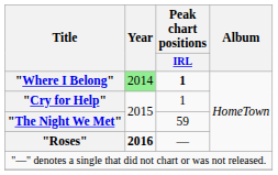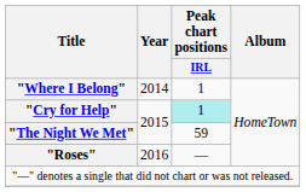 <table class="wikitable plainrowheaders" style="text-align:center;">
 <tr>
 <th rowspan="2">Title</th>
 <th rowspan="2">Year</th>
 <th>Peak chart positions</th>
 <th rowspan="2">Album</th>
 </tr>
 <tr>
 <th scope="col" style="width:3em;font-size:85%;"><a href='#'>IRL</a><br></th>
 </tr>
 <tr>
 <th scope="row">"<a href='#'>Where I Belong</a>"</th>
-<td style="background: lightgreen;">2014</td>
-<td><strong>1</strong></td>
+<td>2014</td>
+<td>1</td>
 <td rowspan="4"><em>HomeTown</em></td>
 </tr>
 <tr>
 <th scope="row">"<a href='#'>Cry for Help</a>"</th>
 <td rowspan="2">2015</td>
-<td>1</td>
+<td style="background: paleturquoise;">1</td>
 </tr>
 <tr>
 <th scope="row">"<a href='#'>The Night We Met</a>"</th>
 <td>59</td>
 </tr>
 <tr>
 <th scope="row">"Roses"</th>
-<td><strong>2016</strong></td>
+<td>2016</td>
 <td>—</td>
 </tr>
 <tr>
 <td style="text-align:center; font-size:85%;" colspan="22">"—" denotes a single that did not chart or was not released.</td>
 </tr>
 <tr>
 </tr>
 </table>
